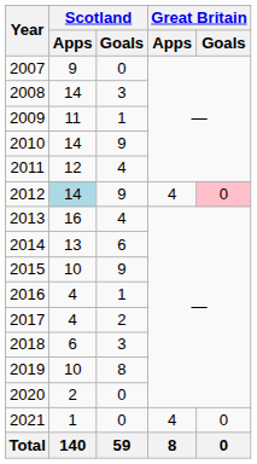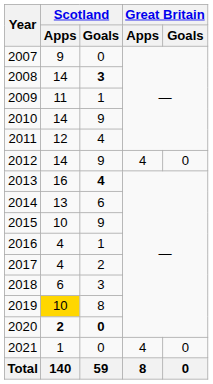 <table class="wikitable" style="text-align:center">
 <tr>
 <th rowspan=2>Year</th>
 <th colspan="2"><a href='#'>Scotland</a></th>
 <th colspan="2"><a href='#'>Great Britain</a></th>
 </tr>
 <tr>
 <th>Apps</th>
 <th>Goals</th>
 <th>Apps</th>
 <th>Goals</th>
 </tr>
 <tr>
 <td>2007</td>
 <td>9</td>
 <td>0</td>
 <td colspan=2; rowspan=5>—</td>
 </tr>
 <tr>
 <td>2008</td>
 <td>14</td>
-<td>3</td>
+<td><strong>3</strong></td>
 </tr>
 <tr>
 <td>2009</td>
 <td>11</td>
 <td>1</td>
 </tr>
 <tr>
 <td>2010</td>
 <td>14</td>
 <td>9</td>
 </tr>
 <tr>
 <td>2011</td>
 <td>12</td>
 <td>4</td>
 </tr>
 <tr>
 <td>2012</td>
-<td style="background: lightblue;">14</td>
+<td>14</td>
 <td>9</td>
 <td>4</td>
-<td style="background: pink;">0</td>
+<td>0</td>
 </tr>
 <tr>
 <td>2013</td>
 <td>16</td>
-<td>4</td>
+<td><strong>4</strong></td>
 <td colspan=2; rowspan=8>—</td>
 </tr>
 <tr>
 <td>2014</td>
 <td>13</td>
 <td>6</td>
 </tr>
 <tr>
 <td>2015</td>
 <td>10</td>
 <td>9</td>
 </tr>
 <tr>
 <td>2016</td>
 <td>4</td>
 <td>1</td>
 </tr>
 <tr>
 <td>2017</td>
 <td>4</td>
 <td>2</td>
 </tr>
 <tr>
 <td>2018</td>
 <td>6</td>
 <td>3</td>
 </tr>
 <tr>
 <td>2019</td>
-<td>10</td>
+<td style="background: gold;">10</td>
 <td>8</td>
 </tr>
 <tr>
 <td>2020</td>
-<td>2</td>
-<td>0</td>
+<td><strong>2</strong></td>
+<td><strong>0</strong></td>
 </tr>
 <tr>
 <td>2021</td>
 <td>1</td>
 <td>0</td>
 <td>4</td>
 <td>0</td>
 </tr>
 <tr>
 <th>Total</th>
 <th>140</th>
 <th>59</th>
 <th>8</th>
 <th>0</th>
 </tr>
 </table>
